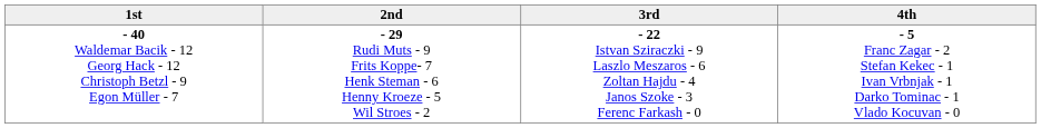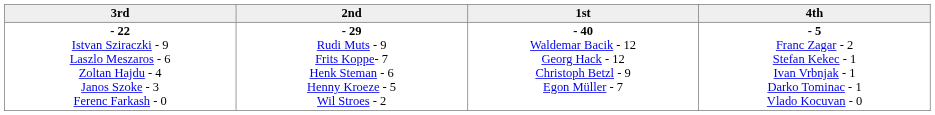 <table border=1 cellpadding=2 cellspacing=0 width=75% style="border-collapse:collapse">
 <tr align=center style="background:#efefef;">
+<th width=20% >3rd</th>
+<th width=20% >2nd</th>
 <th width=20% >1st</th>
-<th width=20% >2nd</th>
-<th width=20% >3rd</th>
 <th width=20%>4th</th>
 </tr>
 <tr align=center>
+<td valign=top ><strong> - 22</strong><br><a href='#'>Istvan Sziraczki</a> - 9<br><a href='#'>Laszlo Meszaros</a> - 6<br><a href='#'>Zoltan Hajdu</a> - 4<br><a href='#'>Janos Szoke</a> - 3<br><a href='#'>Ferenc Farkash</a> - 0</td>
+<td valign=top ><strong> - 29</strong><br><a href='#'>Rudi Muts</a> - 9<br><a href='#'>Frits Koppe</a>- 7<br><a href='#'>Henk Steman</a> - 6<br><a href='#'>Henny Kroeze</a> - 5<br><a href='#'>Wil Stroes</a> - 2</td>
 <td valign=top ><strong> - 40</strong><br><a href='#'>Waldemar Bacik</a> - 12<br><a href='#'>Georg Hack</a> - 12<br><a href='#'>Christoph Betzl</a> - 9<br><a href='#'>Egon Müller</a> - 7</td>
-<td valign=top ><strong> - 29</strong><br><a href='#'>Rudi Muts</a> - 9<br><a href='#'>Frits Koppe</a>- 7<br><a href='#'>Henk Steman</a> - 6<br><a href='#'>Henny Kroeze</a> - 5<br><a href='#'>Wil Stroes</a> - 2</td>
-<td valign=top ><strong> - 22</strong><br><a href='#'>Istvan Sziraczki</a> - 9<br><a href='#'>Laszlo Meszaros</a> - 6<br><a href='#'>Zoltan Hajdu</a> - 4<br><a href='#'>Janos Szoke</a> - 3<br><a href='#'>Ferenc Farkash</a> - 0</td>
 <td valign=top><strong> - 5</strong><br><a href='#'>Franc Zagar</a> - 2<br><a href='#'>Stefan Kekec</a> - 1<br><a href='#'>Ivan Vrbnjak</a> - 1<br><a href='#'>Darko Tominac</a>  - 1<br><a href='#'>Vlado Kocuvan</a> - 0</td>
 </tr>
 </table>
